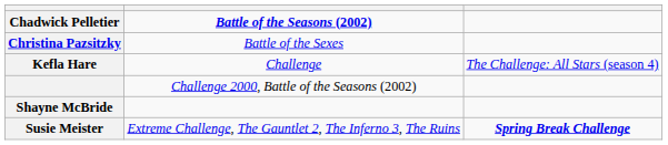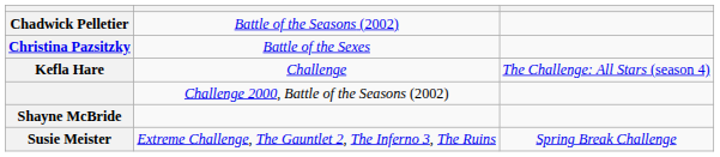 <table class="wikitable sortable" style="text-align:center">
 <tr>
 <th scope="col"></th>
 <th scope="col"></th>
 <th scope="col"></th>
 </tr>
 <tr>
 <th scope="row">Chadwick Pelletier</th>
-<td><strong><a href='#'><em>Battle of the Seasons</em> (2002)</a></strong></td>
+<td><a href='#'><em>Battle of the Seasons</em> (2002)</a></td>
 <td></td>
 </tr>
 <tr>
 <th scope="row"><a href='#'>Christina Pazsitzky</a></th>
 <td><em><a href='#'>Battle of the Sexes</a></em></td>
 <td></td>
 </tr>
 <tr>
 <th scope="row">Kefla Hare</th>
 <td><em><a href='#'>Challenge</a></em></td>
 <td><a href='#'><em>The Challenge: All Stars</em> (season 4)</a></td>
 </tr>
 <tr>
 <th scope="row"></th>
 <td><em><a href='#'>Challenge 2000</a></em>, <em>Battle of the Seasons</em> (2002)</td>
 <td></td>
 </tr>
 <tr>
 <th scope="row">Shayne McBride</th>
 <td></td>
 <td></td>
 </tr>
 <tr>
 <th scope="row">Susie Meister</th>
 <td><em><a href='#'>Extreme Challenge</a></em>, <em><a href='#'>The Gauntlet 2</a></em>, <em><a href='#'>The Inferno 3</a></em>, <em><a href='#'>The Ruins</a></em></td>
-<td><strong><em><a href='#'>Spring Break Challenge</a></em></strong></td>
+<td><em><a href='#'>Spring Break Challenge</a></em></td>
 </tr>
 </table>
